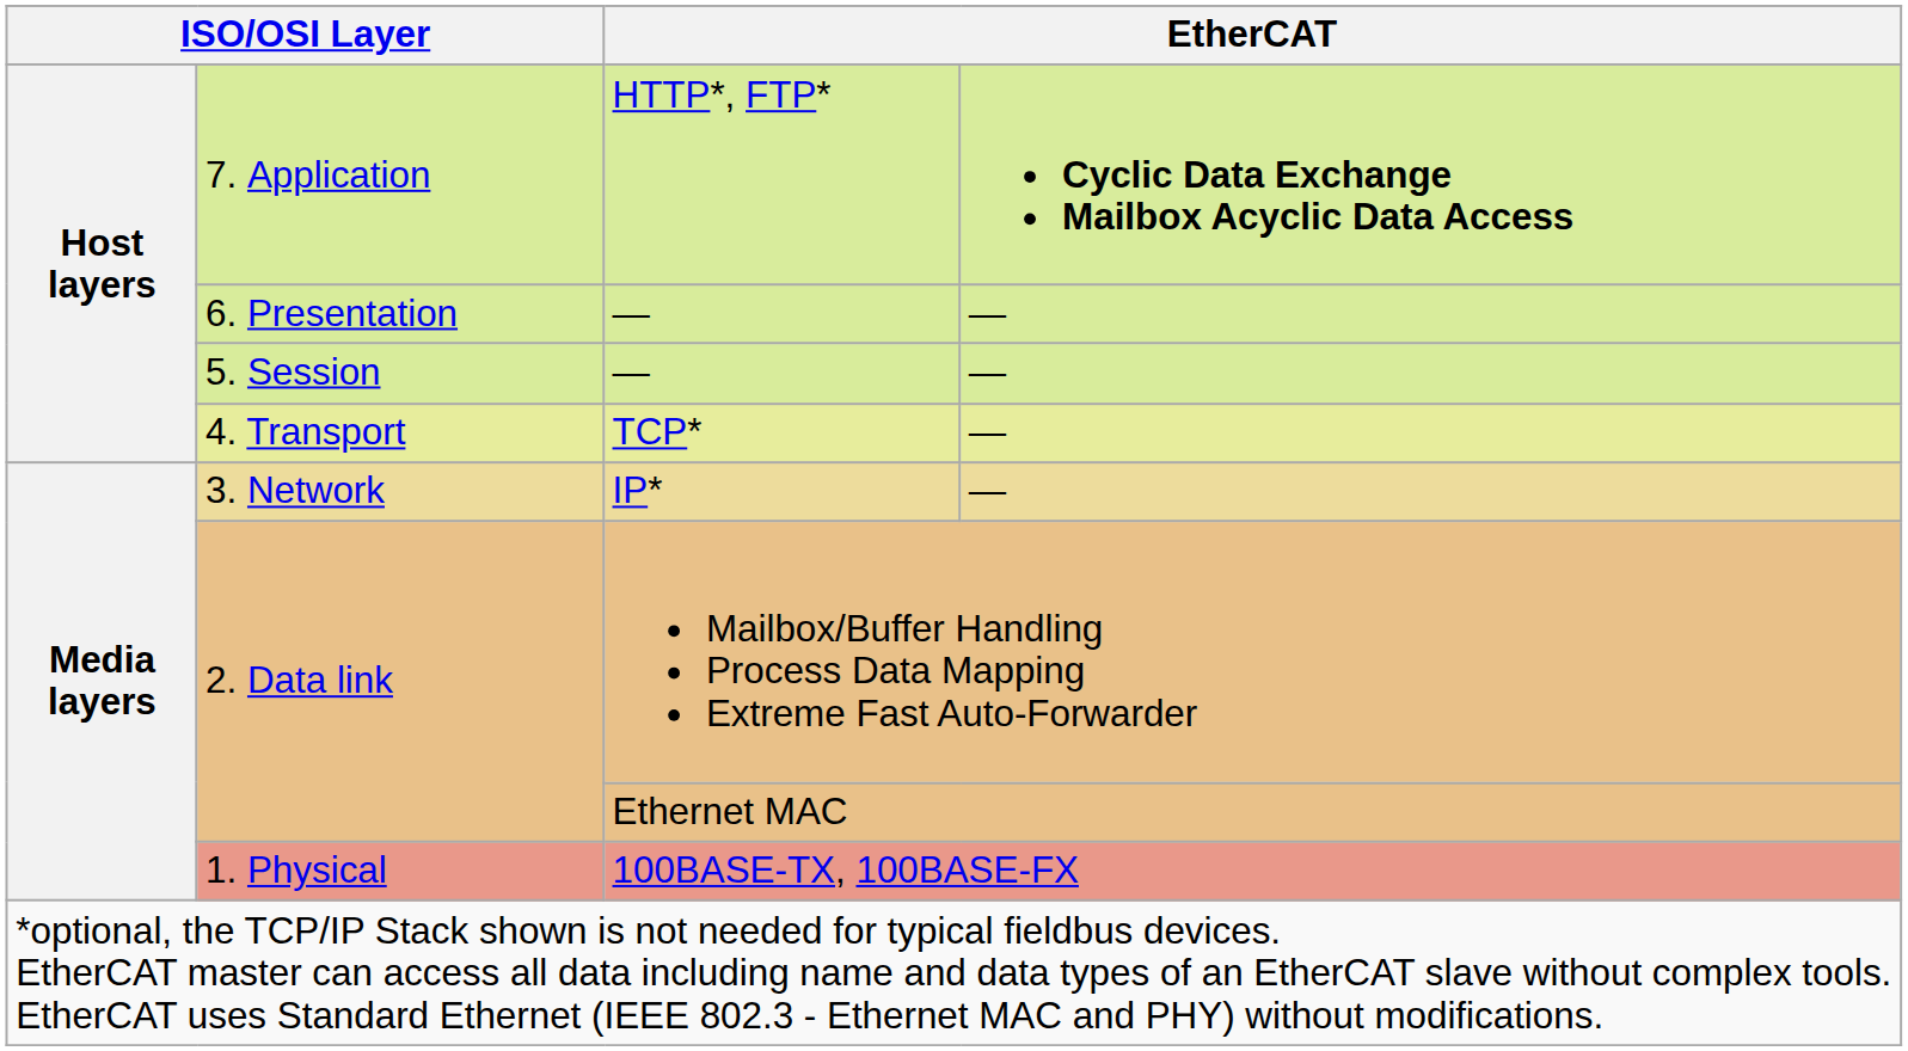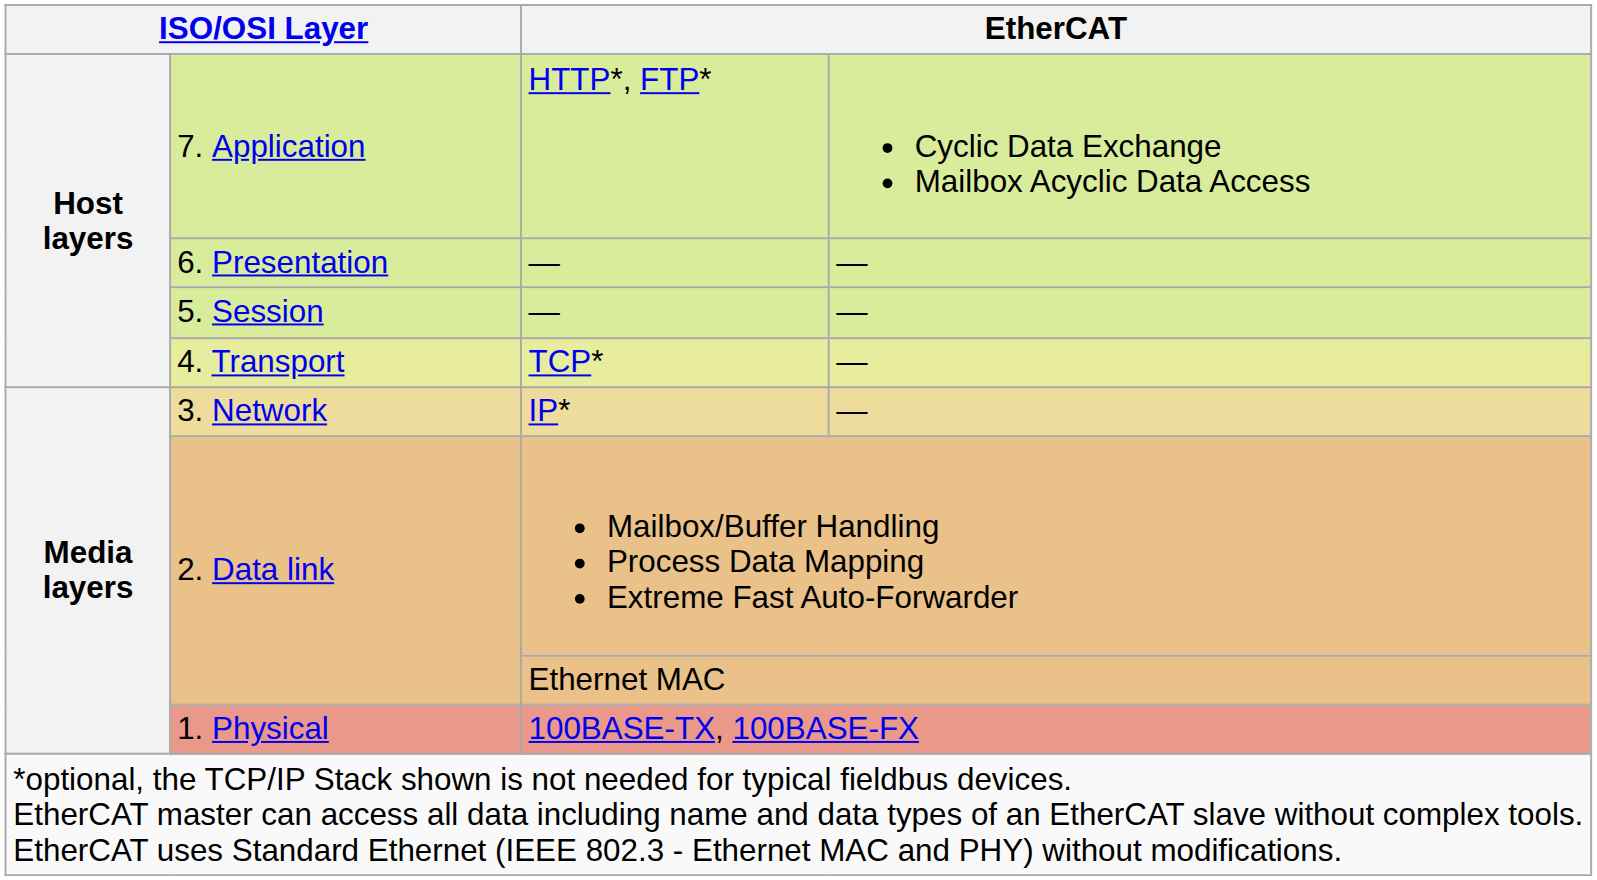 <table class="wikitable" style="margin: 1em auto 1em auto;">
 <tr>
 <th colspan="2"><a href='#'>ISO/OSI Layer</a></th>
 <th colspan="2">EtherCAT</th>
 </tr>
 <tr>
 <th rowspan="4">Host<br>layers</th>
 <td style="background:#d8ec9b;">7. <a href='#'>Application</a></td>
 <td style="background:#d8ec9c; vertical-align: top;"><a href='#'>HTTP</a>*, <a href='#'>FTP</a>*</td>
-<td style="background:#d8ec9c; vertical-align: top;"><strong><br><ul><li>Cyclic Data Exchange</li><li>Mailbox Acyclic Data Access</li></ul></strong></td>
+<td style="background:#d8ec9c; vertical-align: top;"><br><ul><li>Cyclic Data Exchange</li><li>Mailbox Acyclic Data Access</li></ul></td>
 </tr>
 <tr>
 <td style="background:#d8ec9b;">6. <a href='#'>Presentation</a></td>
 <td style="background:#d8ec9b; vertical-align: top;">—</td>
 <td style="background:#d8ec9b; vertical-align: top;">—</td>
 </tr>
 <tr>
 <td style="background:#d8ec9b;">5. <a href='#'>Session</a></td>
 <td style="background:#d8ec9b; vertical-align: top;">—</td>
 <td style="background:#d8ec9b; vertical-align: top;">—</td>
 </tr>
 <tr>
 <td style="background:#e7ed9c;">4. <a href='#'>Transport</a></td>
 <td style="background:#e7ed9c; vertical-align: top;"><a href='#'>TCP</a>*</td>
 <td style="background:#e7ed9c; vertical-align: top;">—</td>
 </tr>
 <tr>
 <th rowspan="4">Media<br>layers</th>
 <td style="background:#eddc9c;">3. <a href='#'>Network</a></td>
 <td style="background:#eddc9c; vertical-align: top;"><a href='#'>IP</a>*</td>
 <td style="background:#eddc9c; vertical-align: top;">—</td>
 </tr>
 <tr>
 <td style="background:#e9c189;" rowspan="2">2. <a href='#'>Data link</a></td>
 <td style="background:#e9c189; vertical-align: top;" colspan="2"><br><ul><li>Mailbox/Buffer Handling</li><li>Process Data Mapping</li><li>Extreme Fast Auto-Forwarder</li></ul></td>
 </tr>
 <tr>
 <td style="background:#e9c189; vertical-align: top;" colspan="2">Ethernet MAC</td>
 </tr>
 <tr>
 <td style="background:#e9988a;">1. <a href='#'>Physical</a></td>
 <td style="background:#e9988a; vertical-align: top;" colspan="2"><a href='#'>100BASE-TX</a>, <a href='#'>100BASE-FX</a></td>
 </tr>
 <tr>
 <td colspan="4">*optional, the TCP/IP Stack shown is not needed for typical fieldbus devices.<br>EtherCAT master can access all data including name and data types of an EtherCAT slave without complex tools.<br>EtherCAT uses Standard Ethernet (IEEE 802.3 - Ethernet MAC and PHY) without modifications.</td>
 </tr>
 </table>
